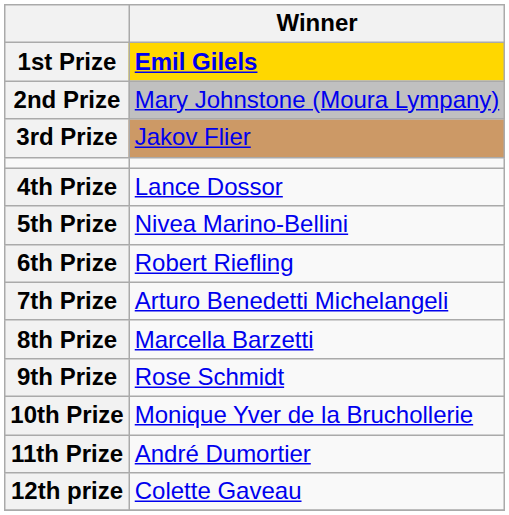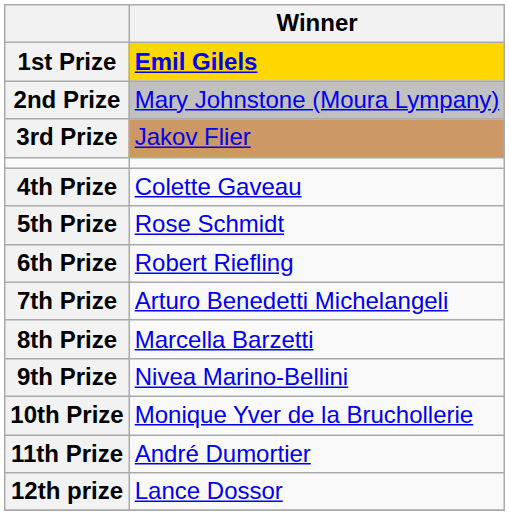 <table class="wikitable">
 <tr>
 <th></th>
 <th>Winner</th>
 </tr>
 <tr>
 <th>1st Prize</th>
 <td bgcolor="gold"> <strong><a href='#'>Emil Gilels</a></strong></td>
 </tr>
 <tr>
 <th>2nd Prize</th>
 <td bgcolor="silver"> <a href='#'>Mary Johnstone (Moura Lympany)</a></td>
 </tr>
 <tr>
 <th>3rd Prize</th>
 <td bgcolor="cc9966"> <a href='#'>Jakov Flier</a></td>
 </tr>
 <tr>
 <td></td>
 <td></td>
 </tr>
 <tr>
 <th>4th Prize</th>
-<td> <a href='#'>Lance Dossor</a></td>
+<td> <a href='#'>Colette Gaveau</a></td>
 </tr>
 <tr>
 <th>5th Prize</th>
-<td> <a href='#'>Nivea Marino-Bellini</a></td>
+<td> <a href='#'>Rose Schmidt</a></td>
 </tr>
 <tr>
 <th>6th Prize</th>
 <td> <a href='#'>Robert Riefling</a></td>
 </tr>
 <tr>
 <th>7th Prize</th>
 <td> <a href='#'>Arturo Benedetti Michelangeli</a></td>
 </tr>
 <tr>
 <th>8th Prize</th>
 <td> <a href='#'>Marcella Barzetti</a></td>
 </tr>
 <tr>
 <th>9th Prize</th>
-<td> <a href='#'>Rose Schmidt</a></td>
+<td> <a href='#'>Nivea Marino-Bellini</a></td>
 </tr>
 <tr>
 <th>10th Prize</th>
 <td> <a href='#'>Monique Yver de la Bruchollerie</a></td>
 </tr>
 <tr>
 <th>11th Prize</th>
 <td> <a href='#'>André Dumortier</a></td>
 </tr>
 <tr>
 <th>12th prize</th>
-<td> <a href='#'>Colette Gaveau</a></td>
+<td> <a href='#'>Lance Dossor</a></td>
 </tr>
 <tr>
 </tr>
 </table>
